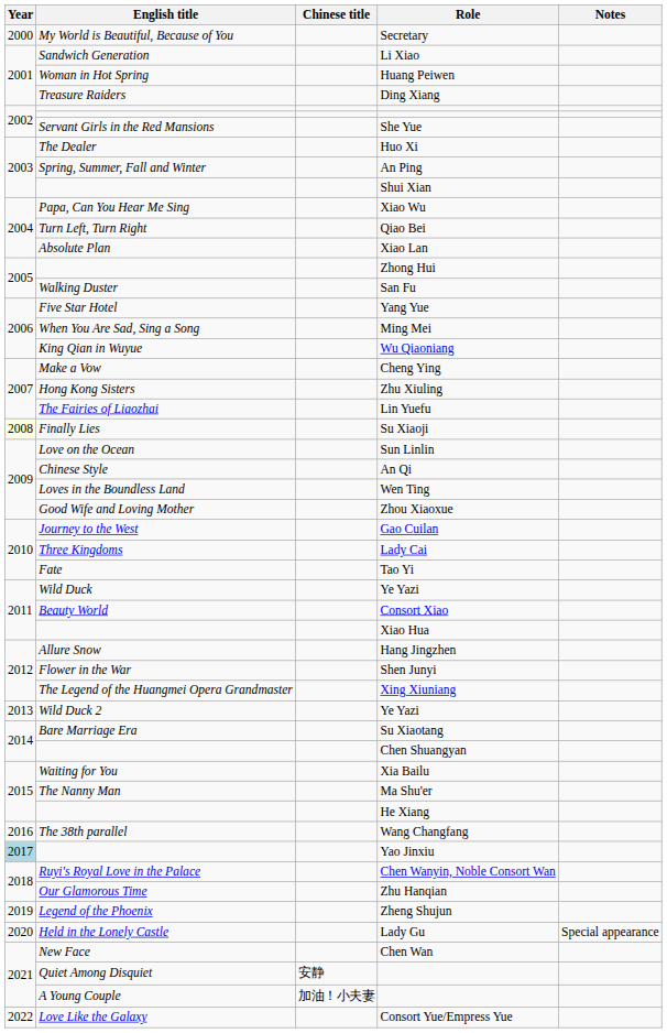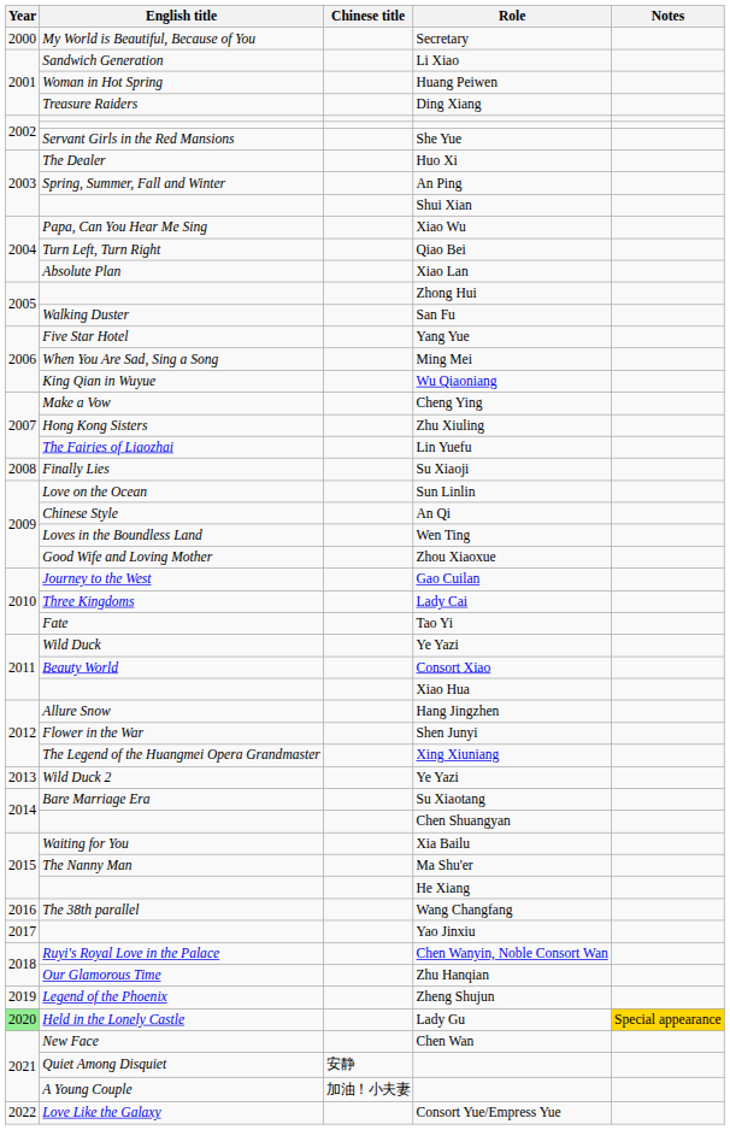 <table class="wikitable">
 <tr>
 <th>Year</th>
 <th>English title</th>
 <th>Chinese title</th>
 <th>Role</th>
 <th>Notes</th>
 </tr>
 <tr>
 <td>2000</td>
 <td><em>My World is Beautiful, Because of You</em></td>
 <td></td>
 <td>Secretary</td>
 <td></td>
 </tr>
 <tr>
 <td rowspan="3">2001</td>
 <td><em>Sandwich Generation</em></td>
 <td></td>
 <td>Li Xiao</td>
 <td></td>
 </tr>
 <tr>
 <td><em>Woman in Hot Spring</em></td>
 <td></td>
 <td>Huang Peiwen</td>
 <td></td>
 </tr>
 <tr>
 <td><em>Treasure Raiders</em></td>
 <td></td>
 <td>Ding Xiang</td>
 <td></td>
 </tr>
 <tr>
 <td rowspan="3">2002</td>
 <td></td>
 <td></td>
 <td></td>
 <td></td>
 </tr>
 <tr>
 <td></td>
 <td></td>
 <td></td>
 <td></td>
 </tr>
 <tr>
 <td><em>Servant Girls in the Red Mansions</em></td>
 <td></td>
 <td>She Yue</td>
 <td></td>
 </tr>
 <tr>
 <td rowspan="3">2003</td>
 <td><em>The Dealer</em></td>
 <td></td>
 <td>Huo Xi</td>
 <td></td>
 </tr>
 <tr>
 <td><em>Spring, Summer, Fall and Winter</em></td>
 <td></td>
 <td>An Ping</td>
 <td></td>
 </tr>
 <tr>
 <td></td>
 <td></td>
 <td>Shui Xian</td>
 <td></td>
 </tr>
 <tr>
 <td rowspan="3">2004</td>
 <td><em>Papa, Can You Hear Me Sing</em></td>
 <td></td>
 <td>Xiao Wu</td>
 <td></td>
 </tr>
 <tr>
 <td><em>Turn Left, Turn Right</em></td>
 <td></td>
 <td>Qiao Bei</td>
 <td></td>
 </tr>
 <tr>
 <td><em>Absolute Plan</em></td>
 <td></td>
 <td>Xiao Lan</td>
 <td></td>
 </tr>
 <tr>
 <td rowspan="2">2005</td>
 <td></td>
 <td></td>
 <td>Zhong Hui</td>
 <td></td>
 </tr>
 <tr>
 <td><em>Walking Duster</em></td>
 <td></td>
 <td>San Fu</td>
 <td></td>
 </tr>
 <tr>
 <td rowspan=3>2006</td>
 <td><em>Five Star Hotel</em></td>
 <td></td>
 <td>Yang Yue</td>
 <td></td>
 </tr>
 <tr>
 <td><em>When You Are Sad, Sing a Song</em></td>
 <td></td>
 <td>Ming Mei</td>
 <td></td>
 </tr>
 <tr>
 <td><em>King Qian in Wuyue</em></td>
 <td></td>
 <td><a href='#'>Wu Qiaoniang</a></td>
 <td></td>
 </tr>
 <tr>
 <td rowspan="3">2007</td>
 <td><em>Make a Vow</em></td>
 <td></td>
 <td>Cheng Ying</td>
 <td></td>
 </tr>
 <tr>
 <td><em>Hong Kong Sisters</em></td>
 <td></td>
 <td>Zhu Xiuling</td>
 <td></td>
 </tr>
 <tr>
 <td><em><a href='#'>The Fairies of Liaozhai</a></em></td>
 <td></td>
 <td>Lin Yuefu</td>
 <td></td>
 </tr>
 <tr>
-<td rowspan="1" style="background: lightyellow;">2008</td>
+<td rowspan="1">2008</td>
 <td><em>Finally Lies</em></td>
 <td></td>
 <td>Su Xiaoji</td>
 <td></td>
 </tr>
 <tr>
 <td rowspan="4">2009</td>
 <td><em>Love on the Ocean</em></td>
 <td></td>
 <td>Sun Linlin</td>
 <td></td>
 </tr>
 <tr>
 <td><em>Chinese Style</em></td>
 <td></td>
 <td>An Qi</td>
 <td></td>
 </tr>
 <tr>
 <td><em>Loves in the Boundless Land</em></td>
 <td></td>
 <td>Wen Ting</td>
 <td></td>
 </tr>
 <tr>
 <td><em>Good Wife and Loving Mother</em></td>
 <td></td>
 <td>Zhou Xiaoxue</td>
 <td></td>
 </tr>
 <tr>
 <td rowspan=3>2010</td>
 <td><em><a href='#'>Journey to the West</a></em></td>
 <td></td>
 <td><a href='#'>Gao Cuilan</a></td>
 <td></td>
 </tr>
 <tr>
 <td><em><a href='#'>Three Kingdoms</a></em></td>
 <td></td>
 <td><a href='#'>Lady Cai</a></td>
 <td></td>
 </tr>
 <tr>
 <td><em>Fate</em></td>
 <td></td>
 <td>Tao Yi</td>
 <td></td>
 </tr>
 <tr>
 <td rowspan="3">2011</td>
 <td><em>Wild Duck</em></td>
 <td></td>
 <td>Ye Yazi</td>
 <td></td>
 </tr>
 <tr>
 <td><em><a href='#'>Beauty World</a></em></td>
 <td></td>
 <td><a href='#'>Consort Xiao</a></td>
 <td></td>
 </tr>
 <tr>
 <td></td>
 <td></td>
 <td>Xiao Hua</td>
 <td></td>
 </tr>
 <tr>
 <td rowspan="3">2012</td>
 <td><em>Allure Snow</em></td>
 <td></td>
 <td>Hang Jingzhen</td>
 <td></td>
 </tr>
 <tr>
 <td><em>Flower in the War</em></td>
 <td></td>
 <td>Shen Junyi</td>
 <td></td>
 </tr>
 <tr>
 <td><em>The Legend of the Huangmei Opera Grandmaster</em></td>
 <td></td>
 <td><a href='#'>Xing Xiuniang</a></td>
 <td></td>
 </tr>
 <tr>
 <td>2013</td>
 <td><em>Wild Duck 2</em></td>
 <td></td>
 <td>Ye Yazi</td>
 <td></td>
 </tr>
 <tr>
 <td rowspan="2">2014</td>
 <td><em>Bare Marriage Era</em></td>
 <td></td>
 <td>Su Xiaotang</td>
 <td></td>
 </tr>
 <tr>
 <td></td>
 <td></td>
 <td>Chen Shuangyan</td>
 <td></td>
 </tr>
 <tr>
 <td rowspan="3">2015</td>
 <td><em>Waiting for You</em></td>
 <td></td>
 <td>Xia Bailu</td>
 <td></td>
 </tr>
 <tr>
 <td><em>The Nanny Man</em></td>
 <td></td>
 <td>Ma Shu'er</td>
 <td></td>
 </tr>
 <tr>
 <td></td>
 <td></td>
 <td>He Xiang</td>
 <td></td>
 </tr>
 <tr>
 <td>2016</td>
 <td><em>The 38th parallel</em></td>
 <td></td>
 <td>Wang Changfang</td>
 <td></td>
 </tr>
 <tr>
-<td style="background: lightblue;">2017</td>
+<td>2017</td>
 <td></td>
 <td></td>
 <td>Yao Jinxiu</td>
 <td></td>
 </tr>
 <tr>
 <td rowspan=2>2018</td>
 <td><em><a href='#'>Ruyi's Royal Love in the Palace</a></em></td>
 <td></td>
 <td><a href='#'>Chen Wanyin, Noble Consort Wan</a></td>
 <td></td>
 </tr>
 <tr>
 <td><em><a href='#'>Our Glamorous Time</a></em></td>
 <td></td>
 <td>Zhu Hanqian</td>
 <td></td>
 </tr>
 <tr>
 <td>2019</td>
 <td><em><a href='#'>Legend of the Phoenix</a></em></td>
 <td></td>
 <td>Zheng Shujun</td>
 <td></td>
 </tr>
 <tr>
-<td rowspan=1>2020</td>
+<td rowspan=1 style="background: lightgreen;">2020</td>
 <td><em><a href='#'>Held in the Lonely Castle</a></em></td>
 <td></td>
 <td>Lady Gu</td>
-<td>Special appearance</td>
+<td style="background: gold;">Special appearance</td>
 </tr>
 <tr>
 <td rowspan=3>2021</td>
 <td><em>New Face</em></td>
 <td></td>
 <td>Chen Wan</td>
 <td></td>
 </tr>
 <tr>
 <td><em>Quiet Among Disquiet</em></td>
 <td>安静</td>
 <td></td>
 <td></td>
 </tr>
 <tr>
 <td><em>A Young Couple</em></td>
 <td>加油！小夫妻</td>
 <td></td>
 <td></td>
 </tr>
 <tr>
 <td>2022</td>
 <td><em><a href='#'>Love Like the Galaxy</a></em></td>
 <td></td>
 <td>Consort Yue/Empress Yue</td>
 <td></td>
 </tr>
 </table>
